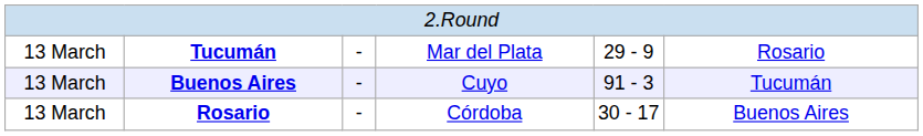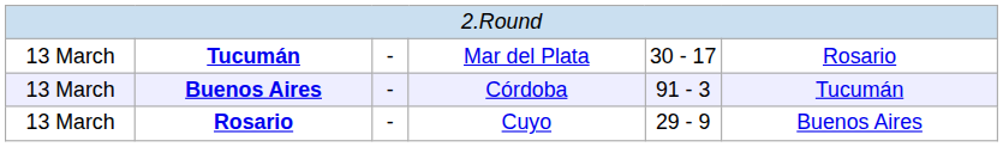 <table class="wikitable" style="text-align:center">
 <tr bgcolor="#CADFF0">
 <td style="font-size:100%"; align="center" colspan="6"><em>2.Round</em></td>
 </tr>
 <tr bgcolor=#FFFFFF>
 <td width=90>13 March</td>
 <td width=170><strong><a href='#'>Tucumán</a></strong></td>
 <td width=20>-</td>
 <td width=170><a href='#'>Mar del Plata</a></td>
-<td width=50>29 - 9</td>
+<td width=50>30 - 17</td>
 <td width=200><a href='#'>Rosario</a></td>
 </tr>
 <tr bgcolor=#EEEEFF>
 <td width=90>13 March</td>
 <td width=170><strong><a href='#'>Buenos Aires</a></strong></td>
 <td width=20>-</td>
-<td width=170><a href='#'>Cuyo</a></td>
+<td width=170><a href='#'>Córdoba</a></td>
 <td width=50>91 - 3</td>
 <td width=200><a href='#'>Tucumán</a></td>
 </tr>
 <tr bgcolor=#FFFFFF>
 <td width=90>13 March</td>
 <td width=170><strong><a href='#'>Rosario</a></strong></td>
 <td width=20>-</td>
-<td width=170><a href='#'>Córdoba</a></td>
-<td width=50>30 - 17</td>
+<td width=170><a href='#'>Cuyo</a></td>
+<td width=50>29 - 9</td>
 <td width=200><a href='#'>Buenos Aires</a></td>
 </tr>
 </table>
